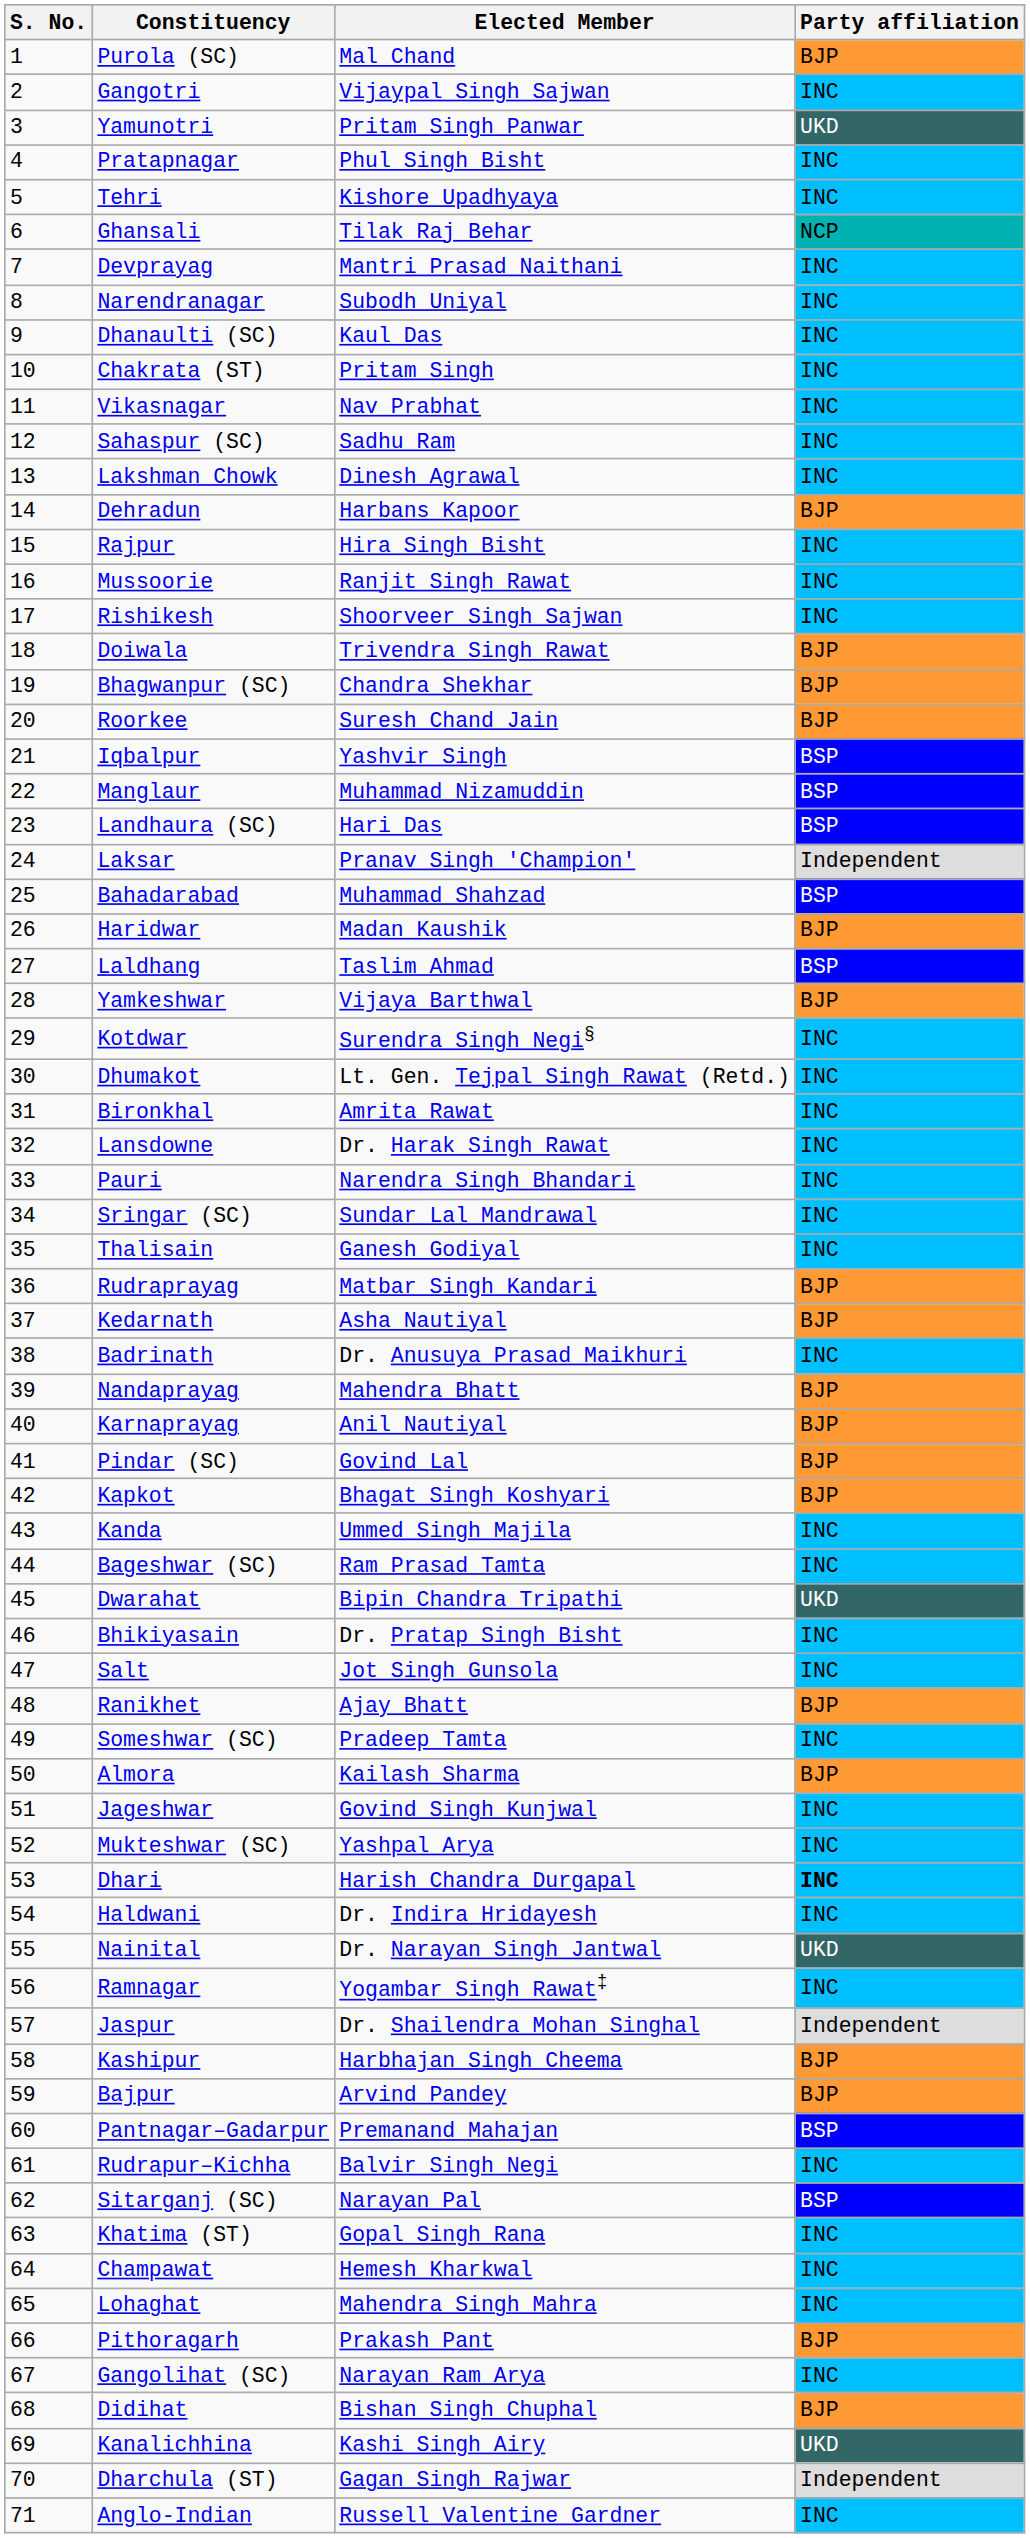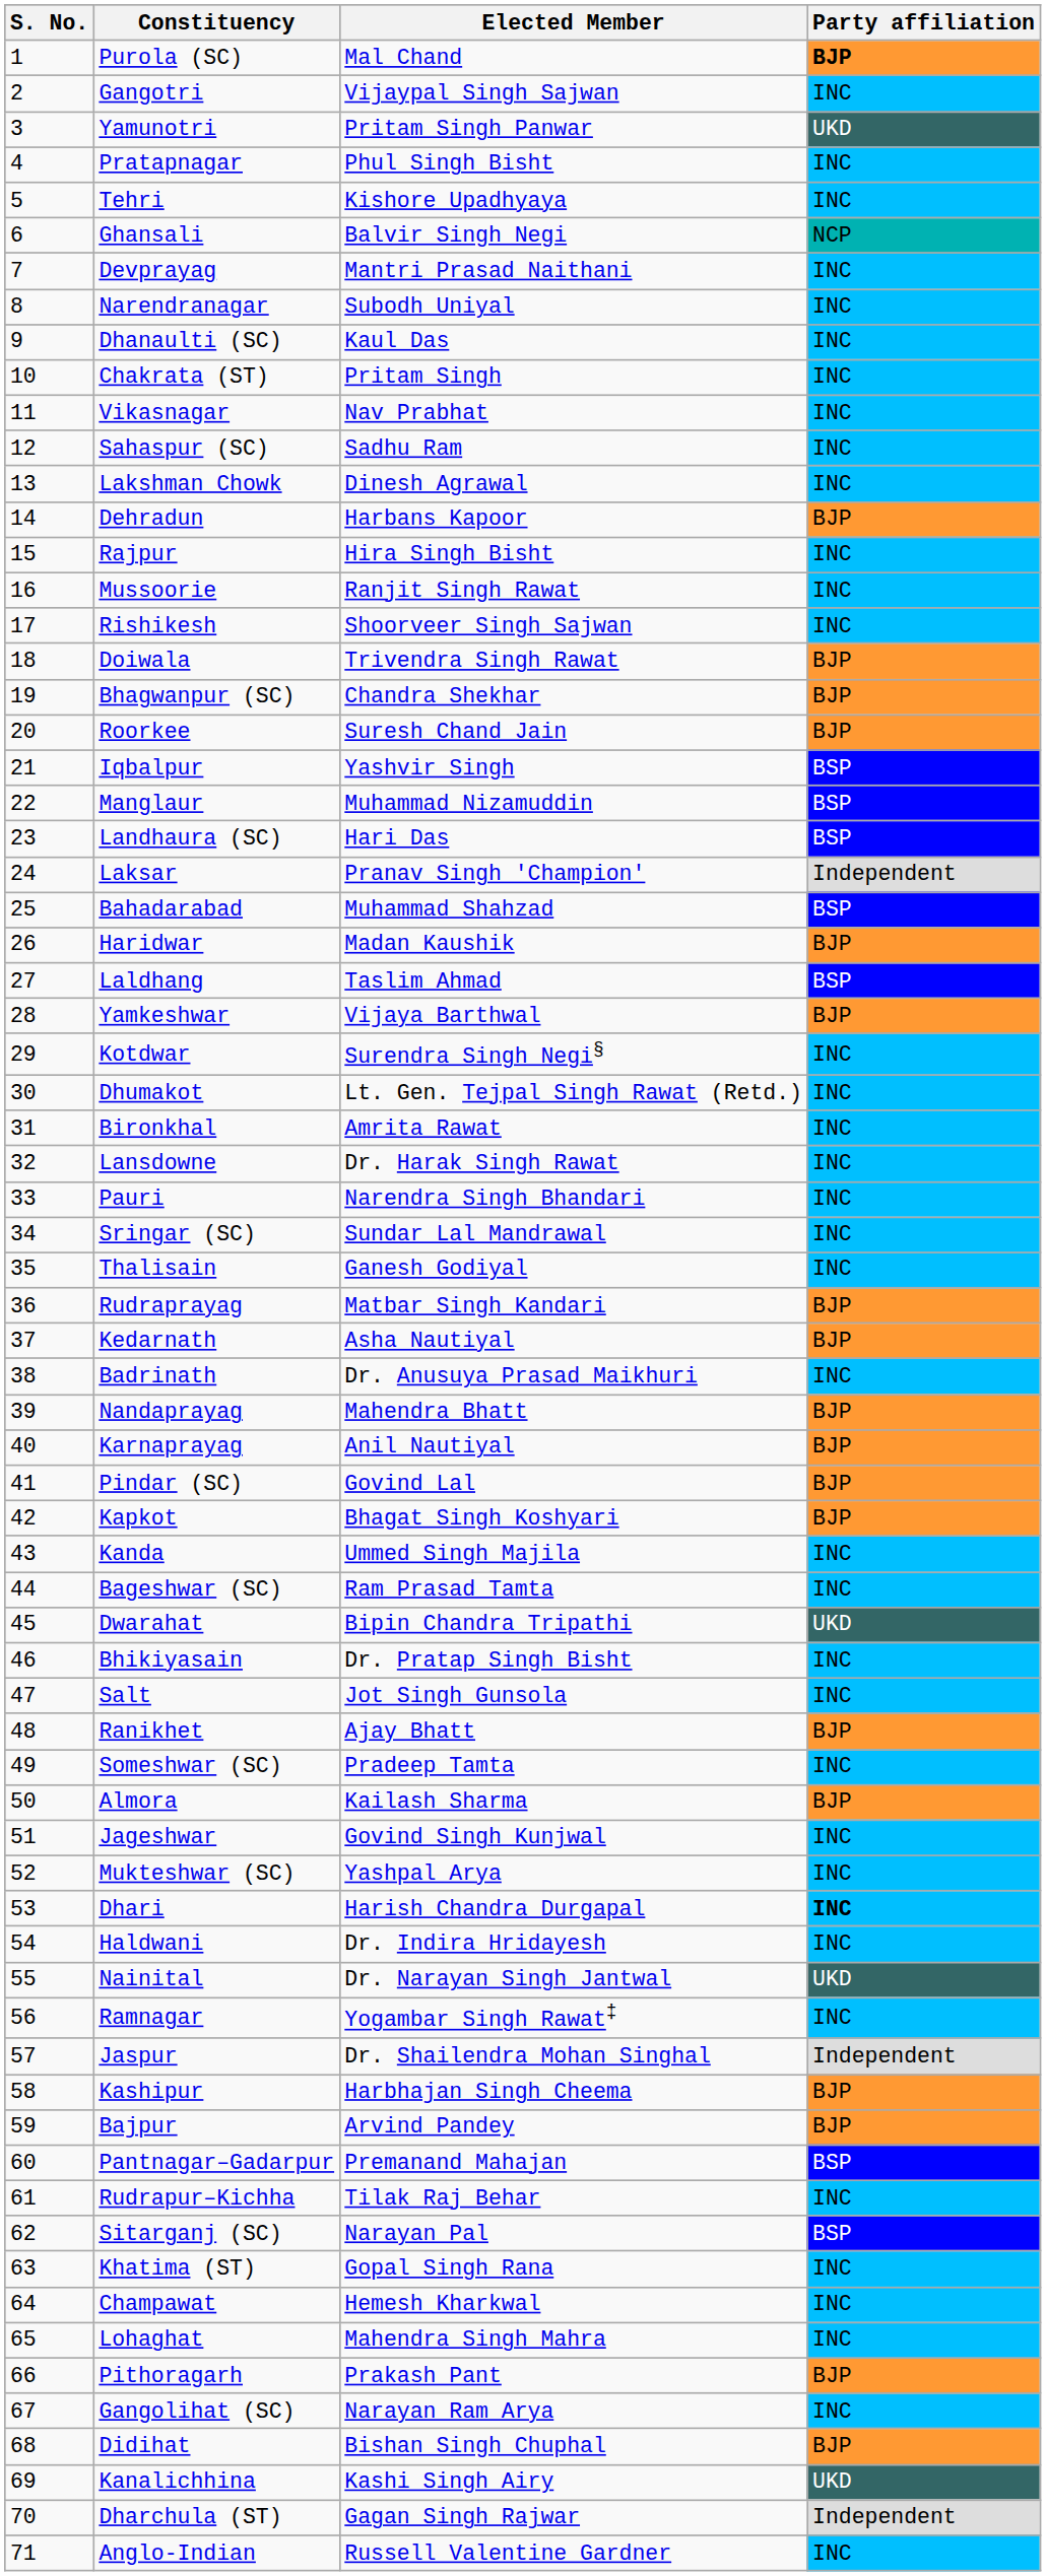 <table class="wikitable sortable">
 <tr style="background:#E9E9E9;">
 <th>S. No.</th>
 <th>Constituency</th>
 <th>Elected Member</th>
 <th>Party affiliation</th>
 </tr>
 <tr>
 <td>1</td>
 <td><a href='#'>Purola</a> (SC)</td>
 <td><a href='#'>Mal Chand</a></td>
-<td bgcolor=#FF9933>BJP</td>
+<td bgcolor=#FF9933><strong>BJP</strong></td>
 </tr>
 <tr>
 <td>2</td>
 <td><a href='#'>Gangotri</a></td>
 <td><a href='#'>Vijaypal Singh Sajwan</a></td>
 <td bgcolor=#00BFFF>INC</td>
 </tr>
 <tr>
 <td>3</td>
 <td><a href='#'>Yamunotri</a></td>
 <td><a href='#'>Pritam Singh Panwar</a></td>
 <td style="background: #336666; color: white">UKD</td>
 </tr>
 <tr>
 <td>4</td>
 <td><a href='#'>Pratapnagar</a></td>
 <td><a href='#'>Phul Singh Bisht</a></td>
 <td bgcolor=#00BFFF>INC</td>
 </tr>
 <tr>
 <td>5</td>
 <td><a href='#'>Tehri</a></td>
 <td><a href='#'>Kishore Upadhyaya</a></td>
 <td bgcolor=#00BFFF>INC</td>
 </tr>
 <tr>
 <td>6</td>
 <td><a href='#'>Ghansali</a></td>
-<td><a href='#'>Tilak Raj Behar</a></td>
+<td><a href='#'>Balvir Singh Negi</a></td>
 <td bgcolor=#00B2B2>NCP</td>
 </tr>
 <tr>
 <td>7</td>
 <td><a href='#'>Devprayag</a></td>
 <td><a href='#'>Mantri Prasad Naithani</a></td>
 <td bgcolor=#00BFFF>INC</td>
 </tr>
 <tr>
 <td>8</td>
 <td><a href='#'>Narendranagar</a></td>
 <td><a href='#'>Subodh Uniyal</a></td>
 <td bgcolor=#00BFFF>INC</td>
 </tr>
 <tr>
 <td>9</td>
 <td><a href='#'>Dhanaulti</a> (SC)</td>
 <td><a href='#'>Kaul Das</a></td>
 <td bgcolor=#00BFFF>INC</td>
 </tr>
 <tr>
 <td>10</td>
 <td><a href='#'>Chakrata</a> (ST)</td>
 <td><a href='#'>Pritam Singh</a></td>
 <td bgcolor=#00BFFF>INC</td>
 </tr>
 <tr>
 <td>11</td>
 <td><a href='#'>Vikasnagar</a></td>
 <td><a href='#'>Nav Prabhat</a></td>
 <td bgcolor=#00BFFF>INC</td>
 </tr>
 <tr>
 <td>12</td>
 <td><a href='#'>Sahaspur</a> (SC)</td>
 <td><a href='#'>Sadhu Ram</a></td>
 <td bgcolor=#00BFFF>INC</td>
 </tr>
 <tr>
 <td>13</td>
 <td><a href='#'>Lakshman Chowk</a></td>
 <td><a href='#'>Dinesh Agrawal</a></td>
 <td bgcolor=#00BFFF>INC</td>
 </tr>
 <tr>
 <td>14</td>
 <td><a href='#'>Dehradun</a></td>
 <td><a href='#'>Harbans Kapoor</a></td>
 <td bgcolor=#FF9933>BJP</td>
 </tr>
 <tr>
 <td>15</td>
 <td><a href='#'>Rajpur</a></td>
 <td><a href='#'>Hira Singh Bisht</a></td>
 <td bgcolor=#00BFFF>INC</td>
 </tr>
 <tr>
 <td>16</td>
 <td><a href='#'>Mussoorie</a></td>
 <td><a href='#'>Ranjit Singh Rawat</a></td>
 <td bgcolor=#00BFFF>INC</td>
 </tr>
 <tr>
 <td>17</td>
 <td><a href='#'>Rishikesh</a></td>
 <td><a href='#'>Shoorveer Singh Sajwan</a></td>
 <td bgcolor=#00BFFF>INC</td>
 </tr>
 <tr>
 <td>18</td>
 <td><a href='#'>Doiwala</a></td>
 <td><a href='#'>Trivendra Singh Rawat</a></td>
 <td bgcolor=#FF9933>BJP</td>
 </tr>
 <tr>
 <td>19</td>
 <td><a href='#'>Bhagwanpur</a> (SC)</td>
 <td><a href='#'>Chandra Shekhar</a></td>
 <td bgcolor=#FF9933>BJP</td>
 </tr>
 <tr>
 <td>20</td>
 <td><a href='#'>Roorkee</a></td>
 <td><a href='#'>Suresh Chand Jain</a></td>
 <td bgcolor=#FF9933>BJP</td>
 </tr>
 <tr>
 <td>21</td>
 <td><a href='#'>Iqbalpur</a></td>
 <td><a href='#'>Yashvir Singh</a></td>
 <td style="background: #0000FF; color: white">BSP</td>
 </tr>
 <tr>
 <td>22</td>
 <td><a href='#'>Manglaur</a></td>
 <td><a href='#'>Muhammad Nizamuddin</a></td>
 <td style="background: #0000FF; color: white">BSP</td>
 </tr>
 <tr>
 <td>23</td>
 <td><a href='#'>Landhaura</a> (SC)</td>
 <td><a href='#'>Hari Das</a></td>
 <td style="background: #0000FF; color: white">BSP</td>
 </tr>
 <tr>
 <td>24</td>
 <td><a href='#'>Laksar</a></td>
 <td><a href='#'>Pranav Singh 'Champion'</a></td>
 <td bgcolor=#DDDDDD>Independent</td>
 </tr>
 <tr>
 <td>25</td>
 <td><a href='#'>Bahadarabad</a></td>
 <td><a href='#'>Muhammad Shahzad</a></td>
 <td style="background: #0000FF; color: white">BSP</td>
 </tr>
 <tr>
 <td>26</td>
 <td><a href='#'>Haridwar</a></td>
 <td><a href='#'>Madan Kaushik</a></td>
 <td bgcolor=#FF9933>BJP</td>
 </tr>
 <tr>
 <td>27</td>
 <td><a href='#'>Laldhang</a></td>
 <td><a href='#'>Taslim Ahmad</a></td>
 <td style="background: #0000FF; color: white">BSP</td>
 </tr>
 <tr>
 <td>28</td>
 <td><a href='#'>Yamkeshwar</a></td>
 <td><a href='#'>Vijaya Barthwal</a></td>
 <td bgcolor=#FF9933>BJP</td>
 </tr>
 <tr>
 <td>29</td>
 <td><a href='#'>Kotdwar</a></td>
 <td><a href='#'>Surendra Singh Negi</a><sup>§</sup></td>
 <td bgcolor=#00BFFF>INC</td>
 </tr>
 <tr>
 <td>30</td>
 <td><a href='#'>Dhumakot</a></td>
 <td>Lt. Gen. <a href='#'>Tejpal Singh Rawat</a> (Retd.)</td>
 <td bgcolor=#00BFFF>INC</td>
 </tr>
 <tr>
 <td>31</td>
 <td><a href='#'>Bironkhal</a></td>
 <td><a href='#'>Amrita Rawat</a></td>
 <td bgcolor=#00BFFF>INC</td>
 </tr>
 <tr>
 <td>32</td>
 <td><a href='#'>Lansdowne</a></td>
 <td>Dr. <a href='#'>Harak Singh Rawat</a></td>
 <td bgcolor=#00BFFF>INC</td>
 </tr>
 <tr>
 <td>33</td>
 <td><a href='#'>Pauri</a></td>
 <td><a href='#'>Narendra Singh Bhandari</a></td>
 <td bgcolor=#00BFFF>INC</td>
 </tr>
 <tr>
 <td>34</td>
 <td><a href='#'>Sringar</a> (SC)</td>
 <td><a href='#'>Sundar Lal Mandrawal</a></td>
 <td bgcolor=#00BFFF>INC</td>
 </tr>
 <tr>
 <td>35</td>
 <td><a href='#'>Thalisain</a></td>
 <td><a href='#'>Ganesh Godiyal</a></td>
 <td bgcolor=#00BFFF>INC</td>
 </tr>
 <tr>
 <td>36</td>
 <td><a href='#'>Rudraprayag</a></td>
 <td><a href='#'>Matbar Singh Kandari</a></td>
 <td bgcolor=#FF9933>BJP</td>
 </tr>
 <tr>
 <td>37</td>
 <td><a href='#'>Kedarnath</a></td>
 <td><a href='#'>Asha Nautiyal</a></td>
 <td bgcolor=#FF9933>BJP</td>
 </tr>
 <tr>
 <td>38</td>
 <td><a href='#'>Badrinath</a></td>
 <td>Dr. <a href='#'>Anusuya Prasad Maikhuri</a></td>
 <td bgcolor=#00BFFF>INC</td>
 </tr>
 <tr>
 <td>39</td>
 <td><a href='#'>Nandaprayag</a></td>
 <td><a href='#'>Mahendra Bhatt</a></td>
 <td bgcolor=#FF9933>BJP</td>
 </tr>
 <tr>
 <td>40</td>
 <td><a href='#'>Karnaprayag</a></td>
 <td><a href='#'>Anil Nautiyal</a></td>
 <td bgcolor=#FF9933>BJP</td>
 </tr>
 <tr>
 <td>41</td>
 <td><a href='#'>Pindar</a> (SC)</td>
 <td><a href='#'>Govind Lal</a></td>
 <td bgcolor=#FF9933>BJP</td>
 </tr>
 <tr>
 <td>42</td>
 <td><a href='#'>Kapkot</a></td>
 <td><a href='#'>Bhagat Singh Koshyari</a></td>
 <td bgcolor=#FF9933>BJP</td>
 </tr>
 <tr>
 <td>43</td>
 <td><a href='#'>Kanda</a></td>
 <td><a href='#'>Ummed Singh Majila</a></td>
 <td bgcolor=#00BFFF>INC</td>
 </tr>
 <tr>
 <td>44</td>
 <td><a href='#'>Bageshwar</a> (SC)</td>
 <td><a href='#'>Ram Prasad Tamta</a></td>
 <td bgcolor=#00BFFF>INC</td>
 </tr>
 <tr>
 <td>45</td>
 <td><a href='#'>Dwarahat</a></td>
 <td><a href='#'>Bipin Chandra Tripathi</a></td>
 <td style="background: #336666; color: white">UKD</td>
 </tr>
 <tr>
 <td>46</td>
 <td><a href='#'>Bhikiyasain</a></td>
 <td>Dr. <a href='#'>Pratap Singh Bisht</a></td>
 <td bgcolor=#00BFFF>INC</td>
 </tr>
 <tr>
 <td>47</td>
 <td><a href='#'>Salt</a></td>
 <td><a href='#'>Jot Singh Gunsola</a></td>
 <td bgcolor=#00BFFF>INC</td>
 </tr>
 <tr>
 <td>48</td>
 <td><a href='#'>Ranikhet</a></td>
 <td><a href='#'>Ajay Bhatt</a></td>
 <td bgcolor=#FF9933>BJP</td>
 </tr>
 <tr>
 <td>49</td>
 <td><a href='#'>Someshwar</a> (SC)</td>
 <td><a href='#'>Pradeep Tamta</a></td>
 <td bgcolor=#00BFFF>INC</td>
 </tr>
 <tr>
 <td>50</td>
 <td><a href='#'>Almora</a></td>
 <td><a href='#'>Kailash Sharma</a></td>
 <td bgcolor=#FF9933>BJP</td>
 </tr>
 <tr>
 <td>51</td>
 <td><a href='#'>Jageshwar</a></td>
 <td><a href='#'>Govind Singh Kunjwal</a></td>
 <td bgcolor=#00BFFF>INC</td>
 </tr>
 <tr>
 <td>52</td>
 <td><a href='#'>Mukteshwar</a> (SC)</td>
 <td><a href='#'>Yashpal Arya</a></td>
 <td bgcolor=#00BFFF>INC</td>
 </tr>
 <tr>
 <td>53</td>
 <td><a href='#'>Dhari</a></td>
 <td><a href='#'>Harish Chandra Durgapal</a></td>
 <td bgcolor=#00BFFF><strong>INC</strong></td>
 </tr>
 <tr>
 <td>54</td>
 <td><a href='#'>Haldwani</a></td>
 <td>Dr. <a href='#'>Indira Hridayesh</a></td>
 <td bgcolor=#00BFFF>INC</td>
 </tr>
 <tr>
 <td>55</td>
 <td><a href='#'>Nainital</a></td>
 <td>Dr. <a href='#'>Narayan Singh Jantwal</a></td>
 <td style="background: #336666; color: white">UKD</td>
 </tr>
 <tr>
 <td>56</td>
 <td><a href='#'>Ramnagar</a></td>
 <td><a href='#'>Yogambar Singh Rawat</a><sup>‡</sup></td>
 <td bgcolor=#00BFFF>INC</td>
 </tr>
 <tr>
 <td>57</td>
 <td><a href='#'>Jaspur</a></td>
 <td>Dr. <a href='#'>Shailendra Mohan Singhal</a></td>
 <td bgcolor=#DDDDDD>Independent</td>
 </tr>
 <tr>
 <td>58</td>
 <td><a href='#'>Kashipur</a></td>
 <td><a href='#'>Harbhajan Singh Cheema</a></td>
 <td bgcolor=#FF9933>BJP</td>
 </tr>
 <tr>
 <td>59</td>
 <td><a href='#'>Bajpur</a></td>
 <td><a href='#'>Arvind Pandey</a></td>
 <td bgcolor=#FF9933>BJP</td>
 </tr>
 <tr>
 <td>60</td>
 <td><a href='#'>Pantnagar–Gadarpur</a></td>
 <td><a href='#'>Premanand Mahajan</a></td>
 <td style="background: #0000FF; color: white">BSP</td>
 </tr>
 <tr>
 <td>61</td>
 <td><a href='#'>Rudrapur–Kichha</a></td>
-<td><a href='#'>Balvir Singh Negi</a></td>
+<td><a href='#'>Tilak Raj Behar</a></td>
 <td bgcolor=#00BFFF>INC</td>
 </tr>
 <tr>
 <td>62</td>
 <td><a href='#'>Sitarganj</a> (SC)</td>
 <td><a href='#'>Narayan Pal</a></td>
 <td style="background: #0000FF; color: white">BSP</td>
 </tr>
 <tr>
 <td>63</td>
 <td><a href='#'>Khatima</a> (ST)</td>
 <td><a href='#'>Gopal Singh Rana</a></td>
 <td bgcolor=#00BFFF>INC</td>
 </tr>
 <tr>
 <td>64</td>
 <td><a href='#'>Champawat</a></td>
 <td><a href='#'>Hemesh Kharkwal</a></td>
 <td bgcolor=#00BFFF>INC</td>
 </tr>
 <tr>
 <td>65</td>
 <td><a href='#'>Lohaghat</a></td>
 <td><a href='#'>Mahendra Singh Mahra</a></td>
 <td bgcolor=#00BFFF>INC</td>
 </tr>
 <tr>
 <td>66</td>
 <td><a href='#'>Pithoragarh</a></td>
 <td><a href='#'>Prakash Pant</a></td>
 <td bgcolor=#FF9933>BJP</td>
 </tr>
 <tr>
 <td>67</td>
 <td><a href='#'>Gangolihat</a> (SC)</td>
 <td><a href='#'>Narayan Ram Arya</a></td>
 <td bgcolor=#00BFFF>INC</td>
 </tr>
 <tr>
 <td>68</td>
 <td><a href='#'>Didihat</a></td>
 <td><a href='#'>Bishan Singh Chuphal</a></td>
 <td bgcolor=#FF9933>BJP</td>
 </tr>
 <tr>
 <td>69</td>
 <td><a href='#'>Kanalichhina</a></td>
 <td><a href='#'>Kashi Singh Airy</a></td>
 <td style="background: #336666; color: white">UKD</td>
 </tr>
 <tr>
 <td>70</td>
 <td><a href='#'>Dharchula</a> (ST)</td>
 <td><a href='#'>Gagan Singh Rajwar</a></td>
 <td bgcolor=#DDDDDD>Independent</td>
 </tr>
 <tr>
 <td>71</td>
 <td><a href='#'>Anglo-Indian</a></td>
 <td><a href='#'>Russell Valentine Gardner</a></td>
 <td style="background: #00BFFF">INC</td>
 </tr>
 </table>
